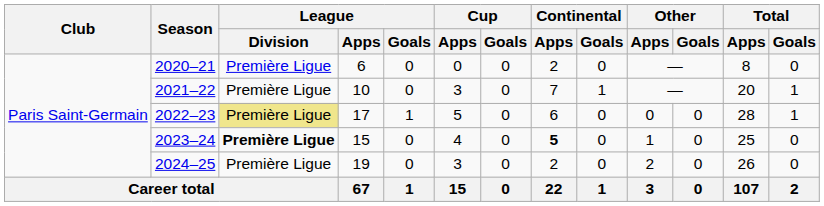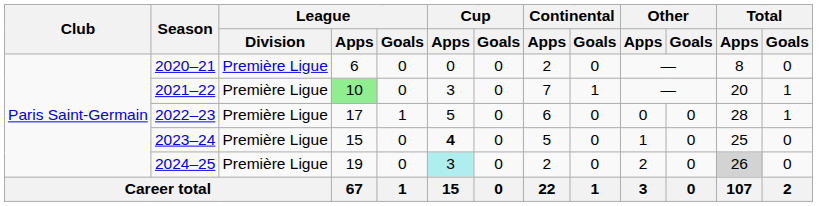 <table class="wikitable" style="text-align: center;">
 <tr>
 <th rowspan="2">Club</th>
 <th rowspan="2">Season</th>
 <th colspan="3">League</th>
 <th colspan="2">Cup</th>
 <th colspan="2">Continental</th>
 <th colspan="2">Other</th>
 <th colspan="2">Total</th>
 </tr>
 <tr>
 <th>Division</th>
 <th>Apps</th>
 <th>Goals</th>
 <th>Apps</th>
 <th>Goals</th>
 <th>Apps</th>
 <th>Goals</th>
 <th>Apps</th>
 <th>Goals</th>
 <th>Apps</th>
 <th>Goals</th>
 </tr>
 <tr>
 <td rowspan="5"><a href='#'>Paris Saint-Germain</a></td>
 <td><a href='#'>2020–21</a></td>
 <td><a href='#'>Première Ligue</a></td>
 <td>6</td>
 <td>0</td>
 <td>0</td>
 <td>0</td>
 <td>2</td>
 <td>0</td>
 <td colspan="2">—</td>
 <td>8</td>
 <td>0</td>
 </tr>
 <tr>
 <td><a href='#'>2021–22</a></td>
 <td>Première Ligue</td>
-<td>10</td>
+<td style="background: lightgreen;">10</td>
 <td>0</td>
 <td>3</td>
 <td>0</td>
 <td>7</td>
 <td>1</td>
 <td colspan="2">—</td>
 <td>20</td>
 <td>1</td>
 </tr>
 <tr>
 <td><a href='#'>2022–23</a></td>
-<td style="background: khaki;">Première Ligue</td>
+<td>Première Ligue</td>
 <td>17</td>
 <td>1</td>
 <td>5</td>
 <td>0</td>
 <td>6</td>
 <td>0</td>
 <td>0</td>
 <td>0</td>
 <td>28</td>
 <td>1</td>
 </tr>
 <tr>
 <td><a href='#'>2023–24</a></td>
-<td><strong>Première Ligue</strong></td>
+<td>Première Ligue</td>
 <td>15</td>
 <td>0</td>
-<td>4</td>
+<td><strong>4</strong></td>
 <td>0</td>
-<td><strong>5</strong></td>
+<td>5</td>
 <td>0</td>
 <td>1</td>
 <td>0</td>
 <td>25</td>
 <td>0</td>
 </tr>
 <tr>
 <td><a href='#'>2024–25</a></td>
 <td>Première Ligue</td>
 <td>19</td>
 <td>0</td>
-<td>3</td>
+<td style="background: paleturquoise;">3</td>
 <td>0</td>
 <td>2</td>
 <td>0</td>
 <td>2</td>
 <td>0</td>
-<td>26</td>
+<td style="background: lightgrey;">26</td>
 <td>0</td>
 </tr>
 <tr>
 <th colspan=3>Career total</th>
 <th>67</th>
 <th>1</th>
 <th>15</th>
 <th>0</th>
 <th>22</th>
 <th>1</th>
 <th>3</th>
 <th>0</th>
 <th>107</th>
 <th>2</th>
 </tr>
 </table>
